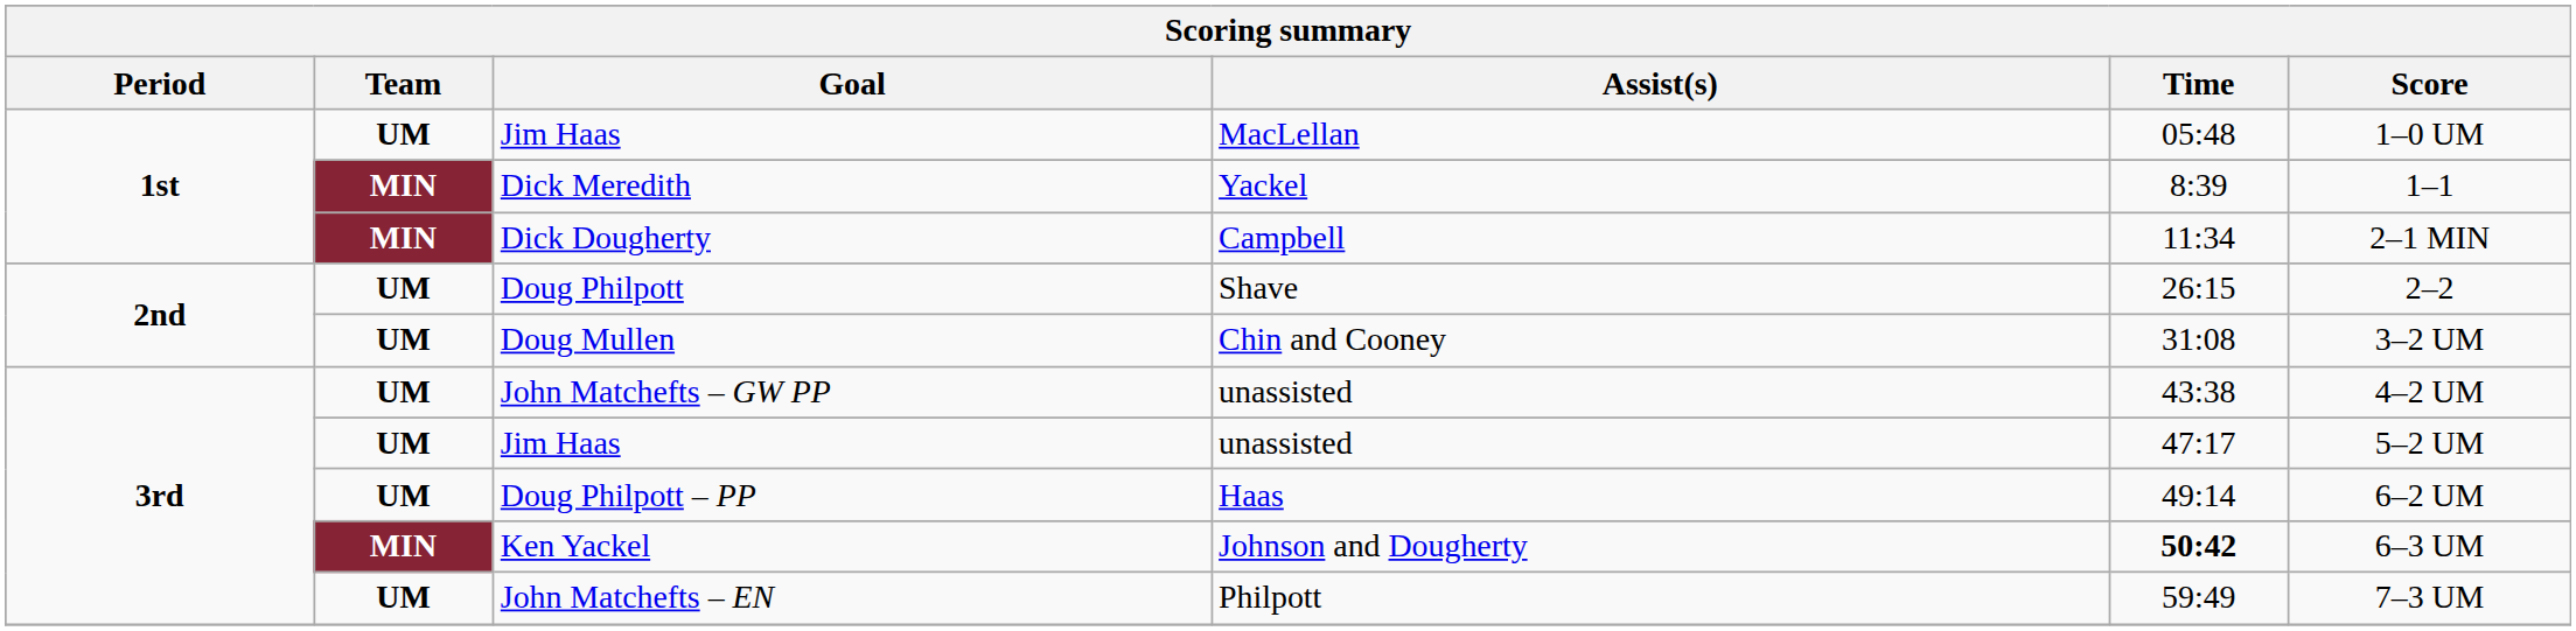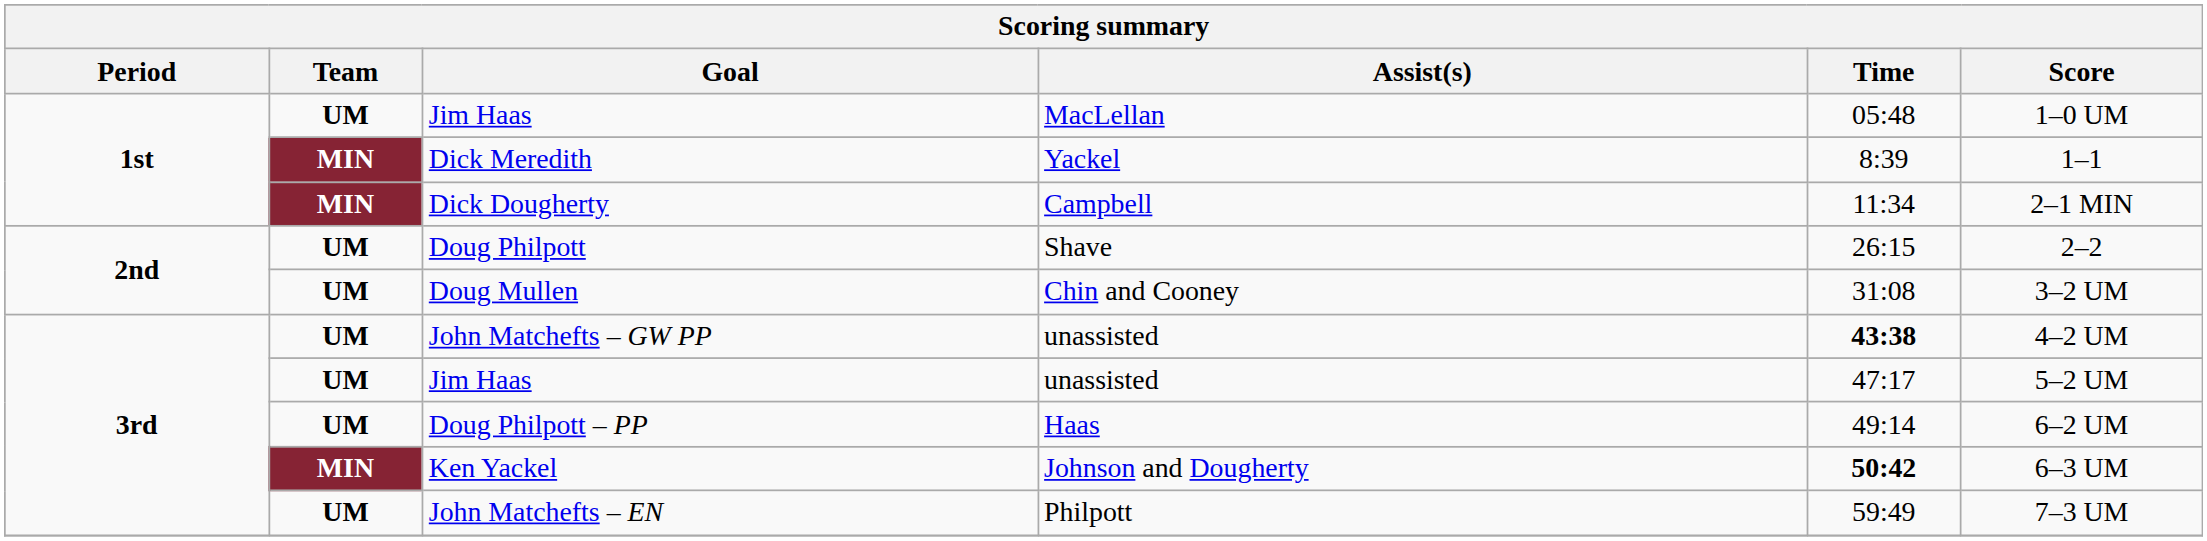 <table style="width:100%;" class="wikitable">
 <tr>
 <th colspan=6>Scoring summary</th>
 </tr>
 <tr>
 <th style="width:12%;">Period</th>
 <th style="width:7%;">Team</th>
 <th style="width:28%;">Goal</th>
 <th style="width:35%;">Assist(s)</th>
 <th style="width:7%;">Time</th>
 <th style="width:11%;">Score</th>
 </tr>
 <tr>
 <td style="text-align:center;" rowspan="3"><strong>1st</strong></td>
 <td align=center><strong>UM</strong></td>
 <td><a href='#'>Jim Haas</a></td>
 <td><a href='#'>MacLellan</a></td>
 <td align=center>05:48</td>
 <td align=center>1–0 UM</td>
 </tr>
 <tr>
 <td align=center style="color:white; background:#862334; "><strong>MIN</strong></td>
 <td><a href='#'>Dick Meredith</a></td>
 <td><a href='#'>Yackel</a></td>
 <td align=center>8:39</td>
 <td align=center>1–1</td>
 </tr>
 <tr>
 <td align=center style="color:white; background:#862334; "><strong>MIN</strong></td>
 <td><a href='#'>Dick Dougherty</a></td>
 <td><a href='#'>Campbell</a></td>
 <td align=center>11:34</td>
 <td align=center>2–1 MIN</td>
 </tr>
 <tr>
 <td style="text-align:center;" rowspan="2"><strong>2nd</strong></td>
 <td align=center><strong>UM</strong></td>
 <td><a href='#'>Doug Philpott</a></td>
 <td>Shave</td>
 <td align=center>26:15</td>
 <td align=center>2–2</td>
 </tr>
 <tr>
 <td align=center><strong>UM</strong></td>
 <td><a href='#'>Doug Mullen</a></td>
 <td><a href='#'>Chin</a> and Cooney</td>
 <td align=center>31:08</td>
 <td align=center>3–2 UM</td>
 </tr>
 <tr>
 <td style="text-align:center;" rowspan="5"><strong>3rd</strong></td>
 <td align=center><strong>UM</strong></td>
 <td><a href='#'>John Matchefts</a> – <em>GW PP</em></td>
 <td>unassisted</td>
-<td align=center>43:38</td>
+<td align=center><strong>43:38</strong></td>
 <td align=center>4–2 UM</td>
 </tr>
 <tr>
 <td align=center><strong>UM</strong></td>
 <td><a href='#'>Jim Haas</a></td>
 <td>unassisted</td>
 <td align=center>47:17</td>
 <td align=center>5–2 UM</td>
 </tr>
 <tr>
 <td align=center><strong>UM</strong></td>
 <td><a href='#'>Doug Philpott</a> – <em>PP</em></td>
 <td><a href='#'>Haas</a></td>
 <td align=center>49:14</td>
 <td align=center>6–2 UM</td>
 </tr>
 <tr>
 <td align=center style="color:white; background:#862334; "><strong>MIN</strong></td>
 <td><a href='#'>Ken Yackel</a></td>
 <td><a href='#'>Johnson</a> and <a href='#'>Dougherty</a></td>
 <td align=center><strong>50:42</strong></td>
 <td align=center>6–3 UM</td>
 </tr>
 <tr>
 <td align=center><strong>UM</strong></td>
 <td><a href='#'>John Matchefts</a> – <em>EN</em></td>
 <td>Philpott</td>
 <td align=center>59:49</td>
 <td align=center>7–3 UM</td>
 </tr>
 <tr>
 </tr>
 </table>
